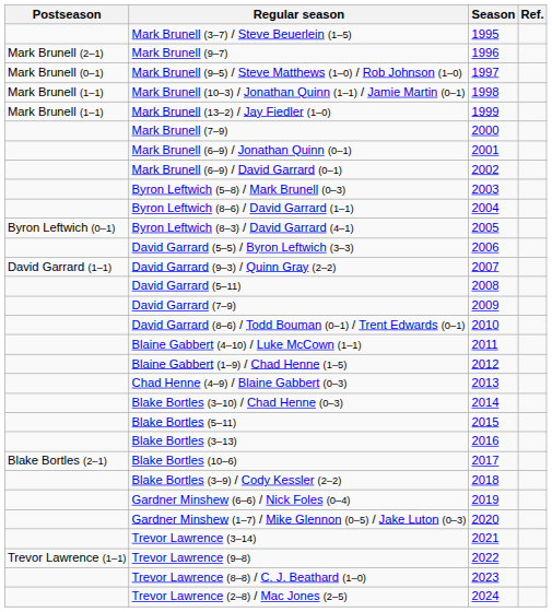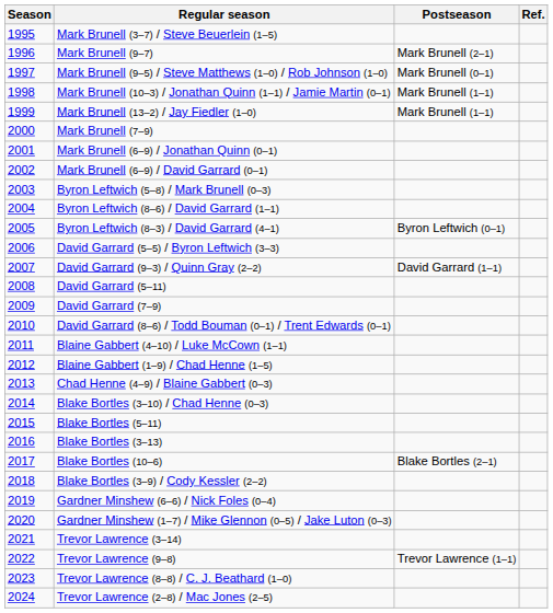 <table class="wikitable">
 <tr>
+<th>Season</th>
+<th>Regular season</th>
 <th>Postseason</th>
-<th>Regular season</th>
-<th>Season</th>
 <th>Ref.</th>
 </tr>
 <tr>
+<td><a href='#'>1995</a></td>
+<td><a href='#'>Mark Brunell</a> <small>(3–7)</small> / <a href='#'>Steve Beuerlein</a> <small>(1–5)</small></td>
 <td></td>
-<td><a href='#'>Mark Brunell</a> <small>(3–7)</small> / <a href='#'>Steve Beuerlein</a> <small>(1–5)</small></td>
-<td><a href='#'>1995</a></td>
 <td></td>
 </tr>
 <tr>
+<td><a href='#'>1996</a></td>
+<td><a href='#'>Mark Brunell</a> <small>(9–7)</small></td>
 <td>Mark Brunell <small>(2–1)</small></td>
-<td><a href='#'>Mark Brunell</a> <small>(9–7)</small></td>
-<td><a href='#'>1996</a></td>
 <td></td>
 </tr>
 <tr>
+<td><a href='#'>1997</a></td>
+<td><a href='#'>Mark Brunell</a> <small>(9–5)</small> / <a href='#'>Steve Matthews</a> <small>(1–0)</small> / <a href='#'>Rob Johnson</a> <small>(1–0)</small></td>
 <td>Mark Brunell <small>(0–1)</small></td>
-<td><a href='#'>Mark Brunell</a> <small>(9–5)</small> / <a href='#'>Steve Matthews</a> <small>(1–0)</small> / <a href='#'>Rob Johnson</a> <small>(1–0)</small></td>
-<td><a href='#'>1997</a></td>
 <td></td>
 </tr>
 <tr>
+<td><a href='#'>1998</a></td>
+<td><a href='#'>Mark Brunell</a> <small>(10–3)</small> / <a href='#'>Jonathan Quinn</a> <small>(1–1)</small> / <a href='#'>Jamie Martin</a> <small>(0–1)</small></td>
 <td>Mark Brunell <small>(1–1)</small></td>
-<td><a href='#'>Mark Brunell</a> <small>(10–3)</small> / <a href='#'>Jonathan Quinn</a> <small>(1–1)</small> / <a href='#'>Jamie Martin</a> <small>(0–1)</small></td>
-<td><a href='#'>1998</a></td>
 <td></td>
 </tr>
 <tr>
+<td><a href='#'>1999</a></td>
+<td><a href='#'>Mark Brunell</a> <small>(13–2)</small> / <a href='#'>Jay Fiedler</a> <small>(1–0)</small></td>
 <td>Mark Brunell <small>(1–1)</small></td>
-<td><a href='#'>Mark Brunell</a> <small>(13–2)</small> / <a href='#'>Jay Fiedler</a> <small>(1–0)</small></td>
-<td><a href='#'>1999</a></td>
 <td></td>
 </tr>
 <tr>
+<td><a href='#'>2000</a></td>
+<td><a href='#'>Mark Brunell</a> <small>(7–9)</small></td>
 <td></td>
-<td><a href='#'>Mark Brunell</a> <small>(7–9)</small></td>
-<td><a href='#'>2000</a></td>
 <td></td>
 </tr>
 <tr>
+<td><a href='#'>2001</a></td>
+<td><a href='#'>Mark Brunell</a> <small>(6–9)</small> / <a href='#'>Jonathan Quinn</a> <small>(0–1)</small></td>
 <td></td>
-<td><a href='#'>Mark Brunell</a> <small>(6–9)</small> / <a href='#'>Jonathan Quinn</a> <small>(0–1)</small></td>
-<td><a href='#'>2001</a></td>
 <td></td>
 </tr>
 <tr>
+<td><a href='#'>2002</a></td>
+<td><a href='#'>Mark Brunell</a> <small>(6–9)</small> / <a href='#'>David Garrard</a> <small>(0–1)</small></td>
 <td></td>
-<td><a href='#'>Mark Brunell</a> <small>(6–9)</small> / <a href='#'>David Garrard</a> <small>(0–1)</small></td>
-<td><a href='#'>2002</a></td>
 <td></td>
 </tr>
 <tr>
+<td><a href='#'>2003</a></td>
+<td><a href='#'>Byron Leftwich</a> <small>(5–8)</small> / <a href='#'>Mark Brunell</a> <small>(0–3)</small></td>
 <td></td>
-<td><a href='#'>Byron Leftwich</a> <small>(5–8)</small> / <a href='#'>Mark Brunell</a> <small>(0–3)</small></td>
-<td><a href='#'>2003</a></td>
 <td></td>
 </tr>
 <tr>
+<td><a href='#'>2004</a></td>
+<td><a href='#'>Byron Leftwich</a> <small>(8–6)</small> / <a href='#'>David Garrard</a> <small>(1–1)</small></td>
 <td></td>
-<td><a href='#'>Byron Leftwich</a> <small>(8–6)</small> / <a href='#'>David Garrard</a> <small>(1–1)</small></td>
-<td><a href='#'>2004</a></td>
 <td></td>
 </tr>
 <tr>
+<td><a href='#'>2005</a></td>
+<td><a href='#'>Byron Leftwich</a> <small>(8–3)</small> / <a href='#'>David Garrard</a> <small>(4–1)</small></td>
 <td>Byron Leftwich <small>(0–1)</small></td>
-<td><a href='#'>Byron Leftwich</a> <small>(8–3)</small> / <a href='#'>David Garrard</a> <small>(4–1)</small></td>
-<td><a href='#'>2005</a></td>
 <td></td>
 </tr>
 <tr>
+<td><a href='#'>2006</a></td>
+<td><a href='#'>David Garrard</a> <small>(5–5)</small> / <a href='#'>Byron Leftwich</a> <small>(3–3)</small></td>
 <td></td>
-<td><a href='#'>David Garrard</a> <small>(5–5)</small> / <a href='#'>Byron Leftwich</a> <small>(3–3)</small></td>
-<td><a href='#'>2006</a></td>
 <td></td>
 </tr>
 <tr>
+<td><a href='#'>2007</a></td>
+<td><a href='#'>David Garrard</a> <small>(9–3)</small> / <a href='#'>Quinn Gray</a> <small>(2–2)</small></td>
 <td>David Garrard <small>(1–1)</small></td>
-<td><a href='#'>David Garrard</a> <small>(9–3)</small> / <a href='#'>Quinn Gray</a> <small>(2–2)</small></td>
-<td><a href='#'>2007</a></td>
 <td></td>
 </tr>
 <tr>
+<td><a href='#'>2008</a></td>
+<td><a href='#'>David Garrard</a> <small>(5–11)</small></td>
 <td></td>
-<td><a href='#'>David Garrard</a> <small>(5–11)</small></td>
-<td><a href='#'>2008</a></td>
 <td></td>
 </tr>
 <tr>
+<td><a href='#'>2009</a></td>
+<td><a href='#'>David Garrard</a> <small>(7–9)</small></td>
 <td></td>
-<td><a href='#'>David Garrard</a> <small>(7–9)</small></td>
-<td><a href='#'>2009</a></td>
 <td></td>
 </tr>
 <tr>
+<td><a href='#'>2010</a></td>
+<td><a href='#'>David Garrard</a> <small>(8–6)</small> / <a href='#'>Todd Bouman</a> <small>(0–1)</small> / <a href='#'>Trent Edwards</a> <small>(0–1)</small></td>
 <td></td>
-<td><a href='#'>David Garrard</a> <small>(8–6)</small> / <a href='#'>Todd Bouman</a> <small>(0–1)</small> / <a href='#'>Trent Edwards</a> <small>(0–1)</small></td>
-<td><a href='#'>2010</a></td>
 <td></td>
 </tr>
 <tr>
+<td><a href='#'>2011</a></td>
+<td><a href='#'>Blaine Gabbert</a> <small>(4–10)</small> / <a href='#'>Luke McCown</a> <small>(1–1)</small></td>
 <td></td>
-<td><a href='#'>Blaine Gabbert</a> <small>(4–10)</small> / <a href='#'>Luke McCown</a> <small>(1–1)</small></td>
-<td><a href='#'>2011</a></td>
 <td></td>
 </tr>
 <tr>
+<td><a href='#'>2012</a></td>
+<td><a href='#'>Blaine Gabbert</a> <small>(1–9)</small> / <a href='#'>Chad Henne</a> <small>(1–5)</small></td>
 <td></td>
-<td><a href='#'>Blaine Gabbert</a> <small>(1–9)</small> / <a href='#'>Chad Henne</a> <small>(1–5)</small></td>
-<td><a href='#'>2012</a></td>
 <td></td>
 </tr>
 <tr>
+<td><a href='#'>2013</a></td>
+<td><a href='#'>Chad Henne</a> <small>(4–9)</small> / <a href='#'>Blaine Gabbert</a> <small>(0–3)</small></td>
 <td></td>
-<td><a href='#'>Chad Henne</a> <small>(4–9)</small> / <a href='#'>Blaine Gabbert</a> <small>(0–3)</small></td>
-<td><a href='#'>2013</a></td>
 <td></td>
 </tr>
 <tr>
+<td><a href='#'>2014</a></td>
+<td><a href='#'>Blake Bortles</a> <small>(3–10)</small> / <a href='#'>Chad Henne</a> <small>(0–3)</small></td>
 <td></td>
-<td><a href='#'>Blake Bortles</a> <small>(3–10)</small> / <a href='#'>Chad Henne</a> <small>(0–3)</small></td>
-<td><a href='#'>2014</a></td>
 <td></td>
 </tr>
 <tr>
+<td><a href='#'>2015</a></td>
+<td><a href='#'>Blake Bortles</a> <small>(5–11)</small></td>
 <td></td>
-<td><a href='#'>Blake Bortles</a> <small>(5–11)</small></td>
-<td><a href='#'>2015</a></td>
 <td></td>
 </tr>
 <tr>
+<td><a href='#'>2016</a></td>
+<td><a href='#'>Blake Bortles</a> <small>(3–13)</small></td>
 <td></td>
-<td><a href='#'>Blake Bortles</a> <small>(3–13)</small></td>
-<td><a href='#'>2016</a></td>
 <td></td>
 </tr>
 <tr>
+<td><a href='#'>2017</a></td>
+<td><a href='#'>Blake Bortles</a> <small>(10–6)</small></td>
 <td>Blake Bortles <small>(2–1)</small></td>
-<td><a href='#'>Blake Bortles</a> <small>(10–6)</small></td>
-<td><a href='#'>2017</a></td>
 <td></td>
 </tr>
 <tr>
+<td><a href='#'>2018</a></td>
+<td><a href='#'>Blake Bortles</a> <small>(3–9)</small> / <a href='#'>Cody Kessler</a> <small>(2–2)</small></td>
 <td></td>
-<td><a href='#'>Blake Bortles</a> <small>(3–9)</small> / <a href='#'>Cody Kessler</a> <small>(2–2)</small></td>
-<td><a href='#'>2018</a></td>
 <td></td>
 </tr>
 <tr>
+<td><a href='#'>2019</a></td>
+<td><a href='#'>Gardner Minshew</a> <small>(6–6)</small> / <a href='#'>Nick Foles</a> <small>(0–4)</small></td>
 <td></td>
-<td><a href='#'>Gardner Minshew</a> <small>(6–6)</small> / <a href='#'>Nick Foles</a> <small>(0–4)</small></td>
-<td><a href='#'>2019</a></td>
 <td></td>
 </tr>
 <tr>
+<td><a href='#'>2020</a></td>
+<td><a href='#'>Gardner Minshew</a> <small>(1–7)</small> / <a href='#'>Mike Glennon</a> <small>(0–5)</small> / <a href='#'>Jake Luton</a> <small>(0–3)</small></td>
 <td></td>
-<td><a href='#'>Gardner Minshew</a> <small>(1–7)</small> / <a href='#'>Mike Glennon</a> <small>(0–5)</small> / <a href='#'>Jake Luton</a> <small>(0–3)</small></td>
-<td><a href='#'>2020</a></td>
 <td></td>
 </tr>
 <tr>
+<td><a href='#'>2021</a></td>
+<td><a href='#'>Trevor Lawrence</a> <small>(3–14)</small></td>
 <td></td>
-<td><a href='#'>Trevor Lawrence</a> <small>(3–14)</small></td>
-<td><a href='#'>2021</a></td>
 <td></td>
 </tr>
 <tr>
+<td><a href='#'>2022</a></td>
+<td><a href='#'>Trevor Lawrence</a> <small>(9–8)</small></td>
 <td>Trevor Lawrence <small>(1–1)</small></td>
-<td><a href='#'>Trevor Lawrence</a> <small>(9–8)</small></td>
-<td><a href='#'>2022</a></td>
 <td></td>
 </tr>
 <tr>
+<td><a href='#'>2023</a></td>
+<td><a href='#'>Trevor Lawrence</a> <small>(8–8)</small> / <a href='#'>C. J. Beathard</a> <small>(1–0)</small></td>
 <td></td>
-<td><a href='#'>Trevor Lawrence</a> <small>(8–8)</small> / <a href='#'>C. J. Beathard</a> <small>(1–0)</small></td>
-<td><a href='#'>2023</a></td>
 <td></td>
 </tr>
 <tr>
+<td><a href='#'>2024</a></td>
+<td><a href='#'>Trevor Lawrence</a> <small>(2–8)</small> / <a href='#'>Mac Jones</a> <small>(2–5)</small></td>
 <td></td>
-<td><a href='#'>Trevor Lawrence</a> <small>(2–8)</small> / <a href='#'>Mac Jones</a> <small>(2–5)</small></td>
-<td><a href='#'>2024</a></td>
 <td></td>
 </tr>
 </table>
